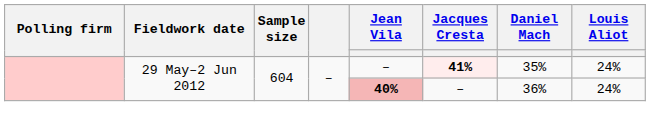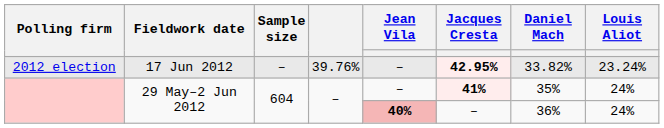 <table class="wikitable sortable" style="text-align:center;font-size:90%;line-height:14px;">
 <tr style="height:40px;">
 <th style="width:100px;" rowspan="2">Polling firm</th>
 <th style="width:110px;" rowspan="2">Fieldwork date</th>
 <th style="width:35px;" rowspan="2">Sample<br>size</th>
 <th style="width:30px;" rowspan="2"></th>
 <th class="unsortable" style="width:60px;"><a href='#'>Jean Vila</a><br></th>
 <th class="unsortable" style="width:60px;"><a href='#'>Jacques Cresta</a><br></th>
 <th class="unsortable" style="width:60px;"><a href='#'>Daniel Mach</a><br></th>
 <th class="unsortable" style="width:60px;"><a href='#'>Louis Aliot</a><br></th>
 </tr>
 <tr>
 <th style="background:"></th>
 <th style="background:"></th>
 <th style="background:"></th>
 <th style="background:"></th>
+</tr>
+<tr style="background:#E9E9E9;">
+<td><a href='#'>2012 election</a></td>
+<td data-sort-value="2012-06-17">17 Jun 2012</td>
+<td>–</td>
+<td>39.76%</td>
+<td>–</td>
+<td style="background:#FFEDED;"><strong>42.95%</strong></td>
+<td>33.82%</td>
+<td>23.24%</td>
 </tr>
 <tr>
 <td rowspan="2" style="background:#FFCCCC;"></td>
 <td rowspan="2" data-sort-value="2012-06-02">29 May–2 Jun 2012</td>
 <td rowspan="2">604</td>
 <td rowspan="2">–</td>
 <td>–</td>
 <td style="background:#FFEDED;"><strong>41%</strong></td>
 <td>35%</td>
 <td>24%</td>
 </tr>
 <tr>
 <td style="background:#F5B6B6;"><strong>40%</strong></td>
 <td>–</td>
 <td>36%</td>
 <td>24%</td>
 </tr>
 </table>
